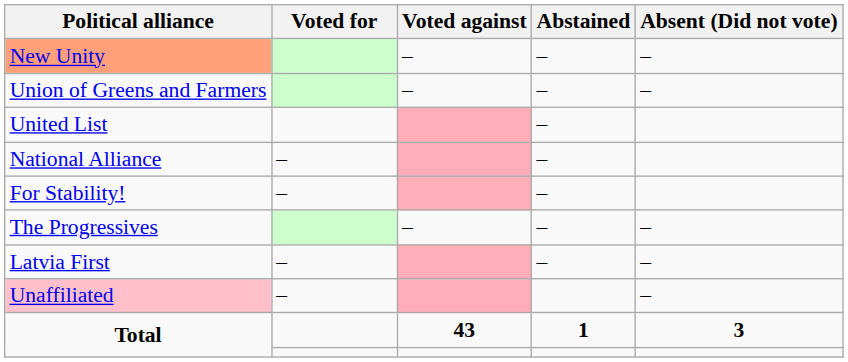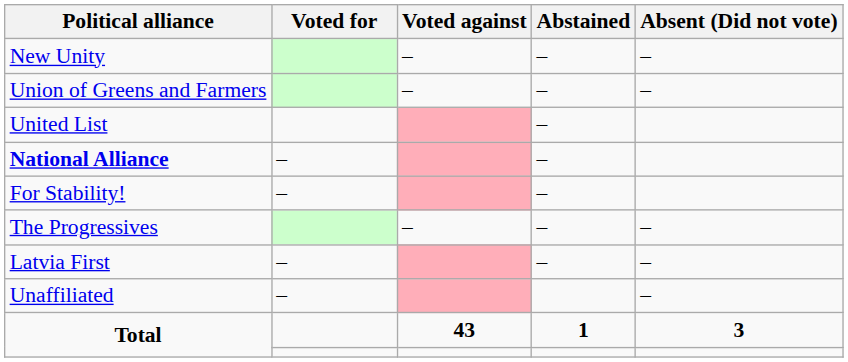 <table class="wikitable">
 <tr>
 <th>Political alliance</th>
 <th style="width:15%;">Voted for</th>
 <th>Voted against</th>
 <th>Abstained</th>
 <th>Absent (Did not vote)</th>
 </tr>
 <tr>
-<td style="background: lightsalmon;"> <a href='#'>New Unity</a></td>
+<td> <a href='#'>New Unity</a></td>
 <td style="background-color:#CCFFCC;"></td>
 <td>–</td>
 <td>–</td>
 <td>–</td>
 </tr>
 <tr>
 <td> <a href='#'>Union of Greens and Farmers</a></td>
 <td style="background-color:#CCFFCC;"></td>
 <td>–</td>
 <td>–</td>
 <td>–</td>
 </tr>
 <tr>
 <td> <a href='#'>United List</a></td>
 <td></td>
 <td style="background-color:#FFAEB9;"></td>
 <td>–</td>
 <td></td>
 </tr>
 <tr>
-<td> <a href='#'>National Alliance</a></td>
+<td><strong> <a href='#'>National Alliance</a></strong></td>
 <td>–</td>
 <td style="background-color:#FFAEB9;"></td>
 <td>–</td>
 <td></td>
 </tr>
 <tr>
 <td> <a href='#'>For Stability!</a></td>
 <td>–</td>
 <td style="background-color:#FFAEB9;"></td>
 <td>–</td>
 <td></td>
 </tr>
 <tr>
 <td> <a href='#'>The Progressives</a></td>
 <td style="background-color:#CCFFCC;"></td>
 <td>–</td>
 <td>–</td>
 <td>–</td>
 </tr>
 <tr>
 <td> <a href='#'>Latvia First</a></td>
 <td>–</td>
 <td style="background-color:#FFAEB9;"></td>
 <td>–</td>
 <td>–</td>
 </tr>
 <tr>
-<td style="background: pink;"> <a href='#'>Unaffiliated</a></td>
+<td> <a href='#'>Unaffiliated</a></td>
 <td>–</td>
 <td style="background-color:#FFAEB9;"></td>
 <td></td>
 <td>–</td>
 </tr>
 <tr>
 <td style="text-align:center;" rowspan="2"><strong>Total</strong></td>
 <td></td>
 <td style="text-align:center;"><strong>43</strong></td>
 <td style="text-align:center;"><strong>1</strong></td>
 <td style="text-align:center;"><strong>3</strong></td>
 </tr>
 <tr>
 <td style="text-align:center;"></td>
 <td style="text-align:center;"></td>
 <td style="text-align:center;"></td>
 <td style="text-align:center;"></td>
 </tr>
 </table>
